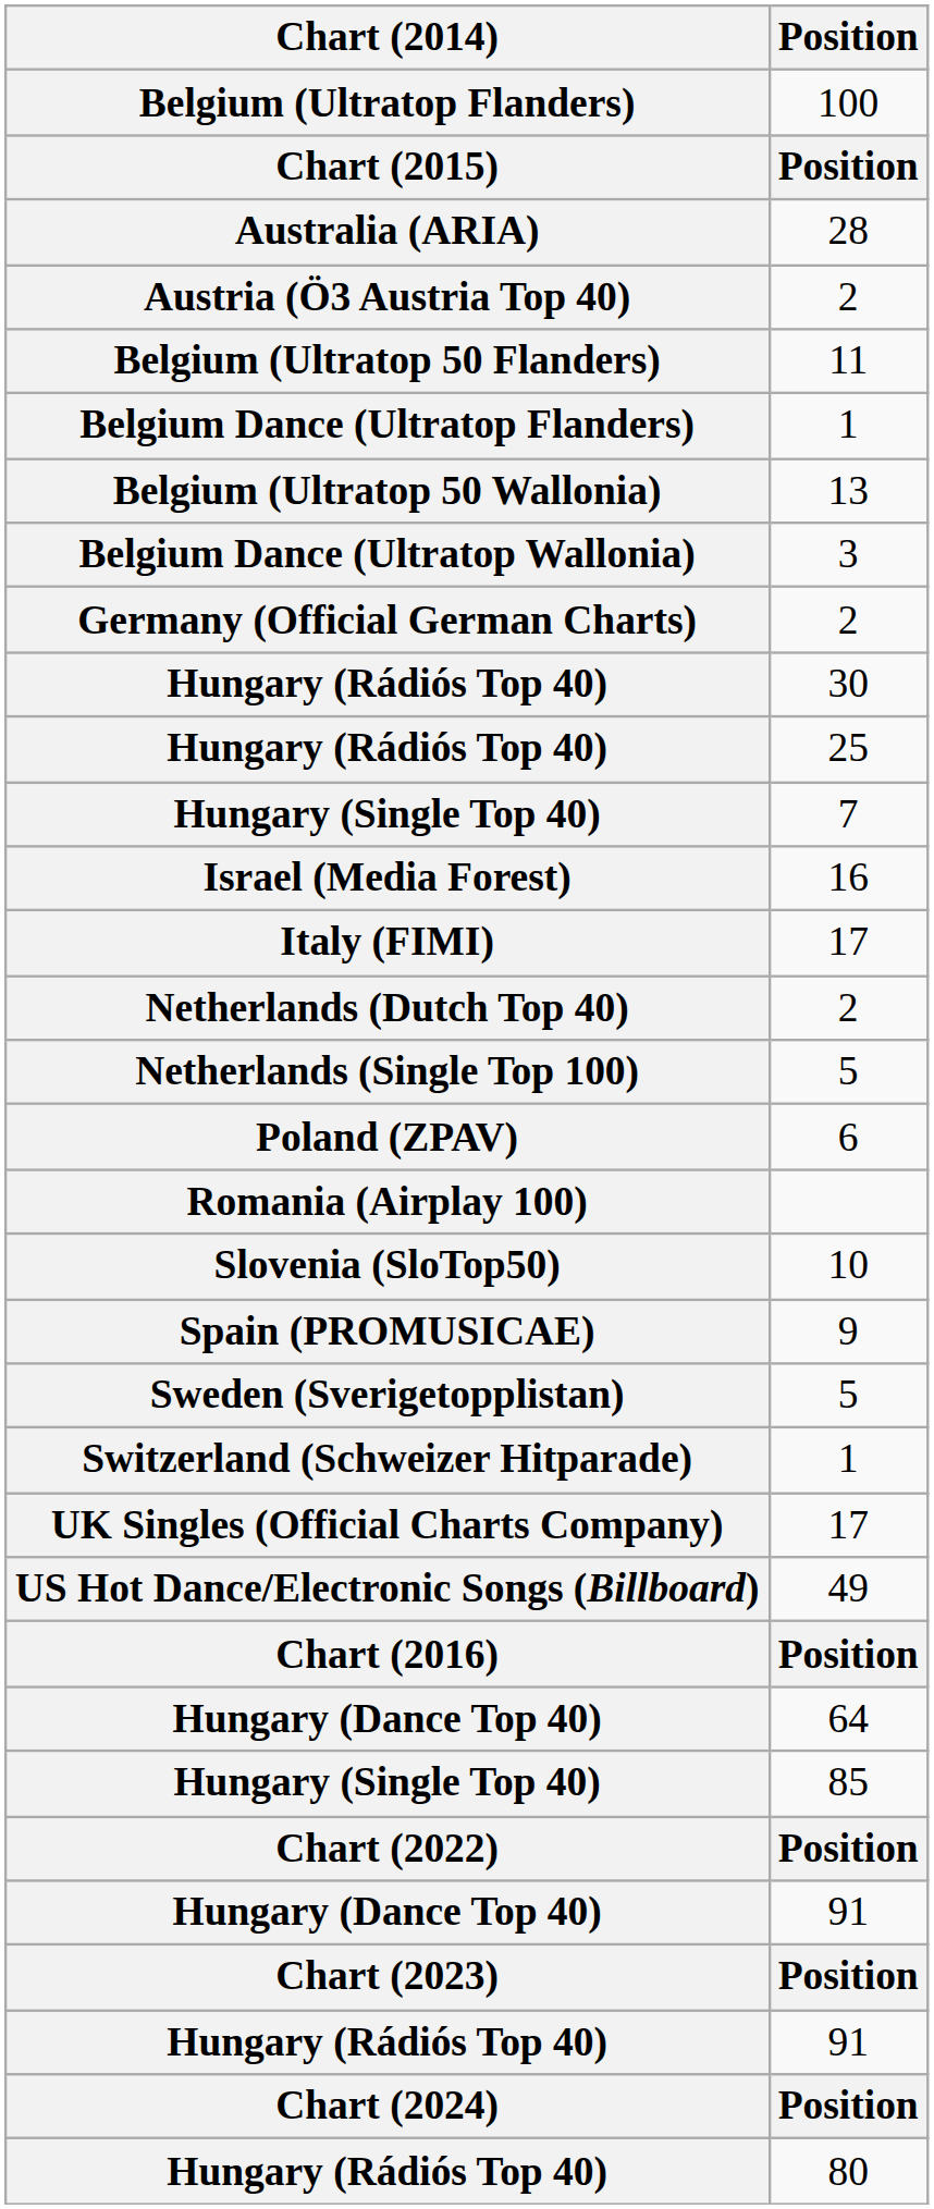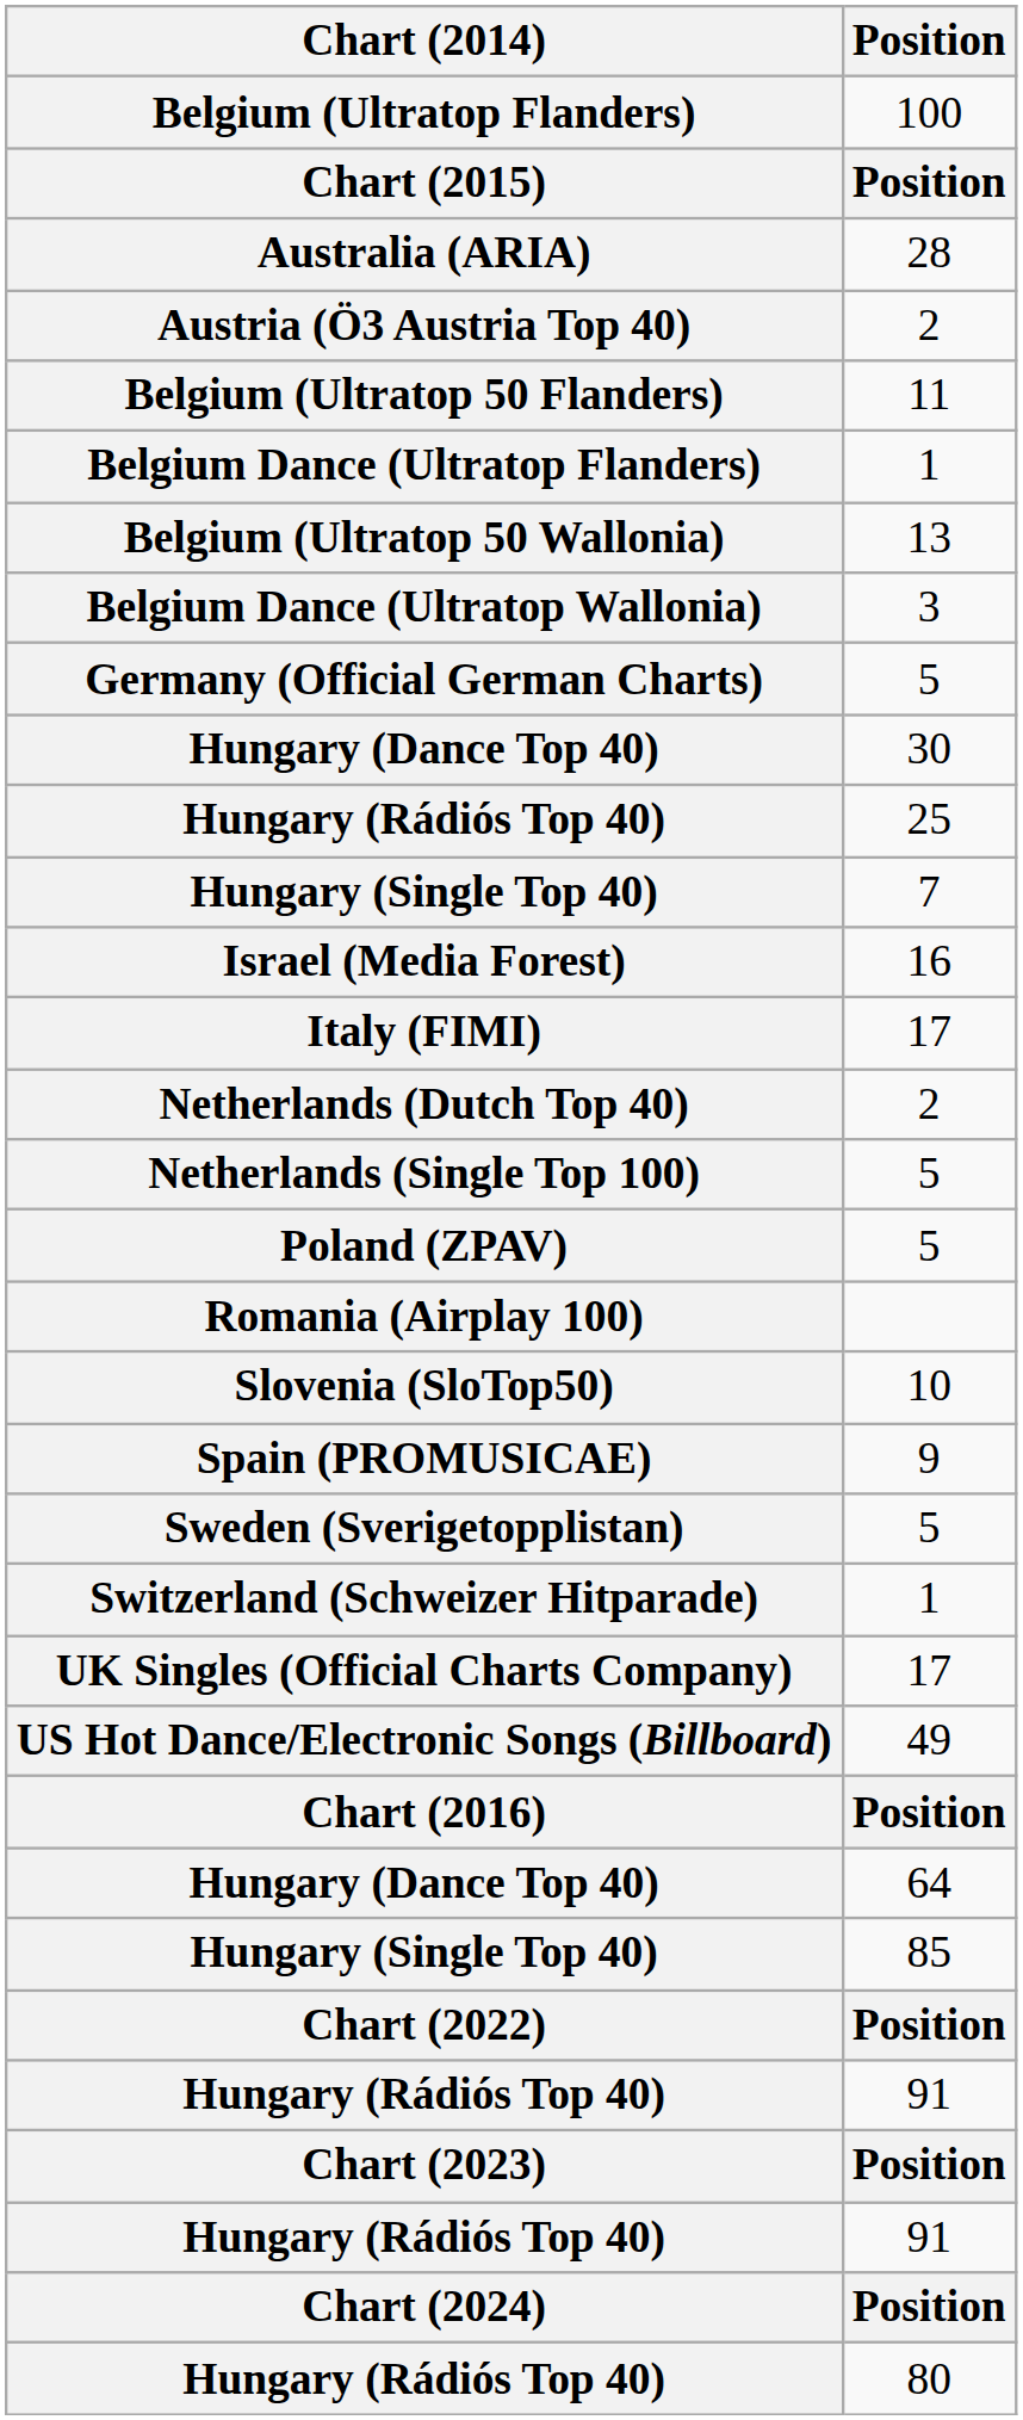 <table class="wikitable plainrowheaders" style="text-align:center">
 <tr>
 <th scope="col">Chart (2014)</th>
 <th scope="col">Position</th>
 </tr>
 <tr>
 <th scope="row">Belgium (Ultratop Flanders)</th>
 <td>100</td>
 </tr>
 <tr>
 <th scope="col">Chart (2015)</th>
 <th scope="col">Position</th>
 </tr>
 <tr>
 <th scope="row">Australia (ARIA)</th>
 <td>28</td>
 </tr>
 <tr>
 <th scope="row">Austria (Ö3 Austria Top 40)</th>
 <td>2</td>
 </tr>
 <tr>
 <th scope="row">Belgium (Ultratop 50 Flanders)</th>
 <td>11</td>
 </tr>
 <tr>
 <th scope="row">Belgium Dance (Ultratop Flanders)</th>
 <td>1</td>
 </tr>
 <tr>
 <th scope="row">Belgium (Ultratop 50 Wallonia)</th>
 <td>13</td>
 </tr>
 <tr>
 <th scope="row">Belgium Dance (Ultratop Wallonia)</th>
 <td>3</td>
 </tr>
 <tr>
 <th scope="row">Germany (Official German Charts)</th>
-<td>2</td>
+<td>5</td>
 </tr>
 <tr>
-<th scope="row">Hungary (Rádiós Top 40)</th>
+<th scope="row">Hungary (Dance Top 40)</th>
 <td>30</td>
 </tr>
 <tr>
 <th scope="row">Hungary (Rádiós Top 40)</th>
 <td>25</td>
 </tr>
 <tr>
 <th scope="row">Hungary (Single Top 40)</th>
 <td>7</td>
 </tr>
 <tr>
 <th scope="row">Israel (Media Forest)</th>
 <td>16</td>
 </tr>
 <tr>
 <th scope="row">Italy (FIMI)</th>
 <td>17</td>
 </tr>
 <tr>
 <th scope="row">Netherlands (Dutch Top 40)</th>
 <td>2</td>
 </tr>
 <tr>
 <th scope="row">Netherlands (Single Top 100)</th>
 <td>5</td>
 </tr>
 <tr>
 <th scope="row">Poland (ZPAV)</th>
-<td>6</td>
+<td>5</td>
 </tr>
 <tr>
 <th scope="row">Romania (Airplay 100)</th>
 <td></td>
 </tr>
 <tr>
 <th scope="row">Slovenia (SloTop50)</th>
 <td align=center>10</td>
 </tr>
 <tr>
 <th scope="row">Spain (PROMUSICAE)</th>
 <td>9</td>
 </tr>
 <tr>
 <th scope="row">Sweden (Sverigetopplistan)</th>
 <td>5</td>
 </tr>
 <tr>
 <th scope="row">Switzerland (Schweizer Hitparade)</th>
 <td>1</td>
 </tr>
 <tr>
 <th scope="row">UK Singles (Official Charts Company)</th>
 <td>17</td>
 </tr>
 <tr>
 <th scope="row">US Hot Dance/Electronic Songs (<em>Billboard</em>)</th>
 <td>49</td>
 </tr>
 <tr>
 <th scope="col">Chart (2016)</th>
 <th scope="col">Position</th>
 </tr>
 <tr>
 <th scope="row">Hungary (Dance Top 40)</th>
 <td>64</td>
 </tr>
 <tr>
 <th scope="row">Hungary (Single Top 40)</th>
 <td>85</td>
 </tr>
 <tr>
 <th scope="col">Chart (2022)</th>
 <th scope="col">Position</th>
 </tr>
 <tr>
-<th scope="row">Hungary (Dance Top 40)</th>
+<th scope="row">Hungary (Rádiós Top 40)</th>
 <td>91</td>
 </tr>
 <tr>
 <th scope="col">Chart (2023)</th>
 <th scope="col">Position</th>
 </tr>
 <tr>
 <th scope="row">Hungary (Rádiós Top 40)</th>
 <td>91</td>
 </tr>
 <tr>
 <th scope="col">Chart (2024)</th>
 <th scope="col">Position</th>
 </tr>
 <tr>
 <th scope="row">Hungary (Rádiós Top 40)</th>
 <td>80</td>
 </tr>
 </table>
